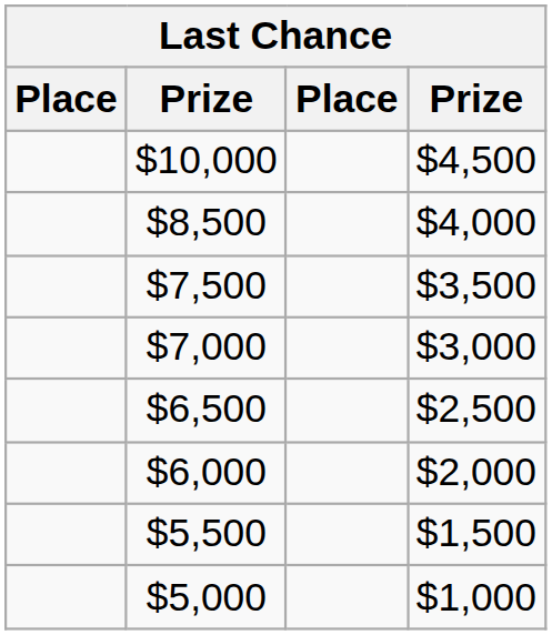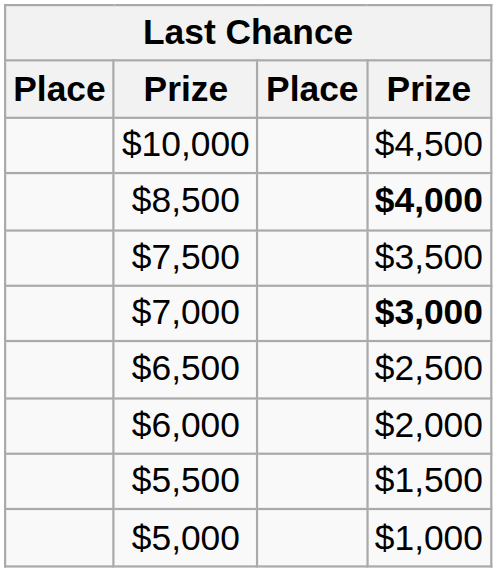 <table class="wikitable" style="text-align:center; margin-top:0px;">
 <tr>
 <th colspan=8>Last Chance</th>
 </tr>
 <tr>
 <th>Place</th>
 <th>Prize </th>
 <th>Place</th>
 <th>Prize </th>
 </tr>
 <tr>
 <td></td>
 <td>$10,000</td>
 <td></td>
 <td>$4,500</td>
 </tr>
 <tr>
 <td></td>
 <td>$8,500</td>
 <td></td>
-<td>$4,000</td>
+<td><strong>$4,000</strong></td>
 </tr>
 <tr>
 <td></td>
 <td>$7,500</td>
 <td></td>
 <td>$3,500</td>
 </tr>
 <tr>
 <td></td>
 <td>$7,000</td>
 <td></td>
-<td>$3,000</td>
+<td><strong>$3,000</strong></td>
 </tr>
 <tr>
 <td></td>
 <td>$6,500</td>
 <td></td>
 <td>$2,500</td>
 </tr>
 <tr>
 <td></td>
 <td>$6,000</td>
 <td></td>
 <td>$2,000</td>
 </tr>
 <tr>
 <td></td>
 <td>$5,500</td>
 <td></td>
 <td>$1,500</td>
 </tr>
 <tr>
 <td></td>
 <td>$5,000</td>
 <td></td>
 <td>$1,000</td>
 </tr>
 </table>
